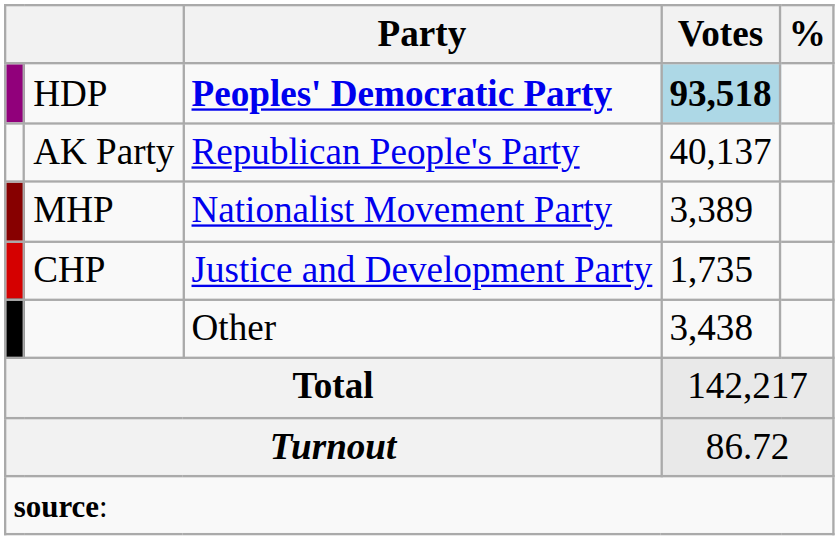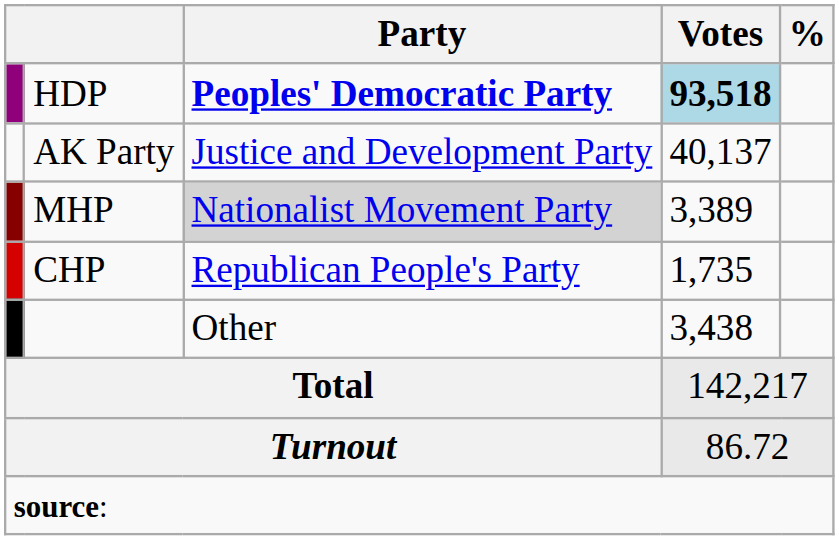 <table class="wikitable">
 <tr>
 <th colspan="2" align="center"></th>
 <th align="center">Party</th>
 <th align="center">Votes</th>
 <th align="center">%</th>
 </tr>
 <tr align="left">
 <td bgcolor="#91007B" width="1"></td>
 <td>HDP</td>
 <td><strong><a href='#'>Peoples' Democratic Party</a></strong></td>
 <td style="background: lightblue;"><strong>93,518</strong></td>
 <td><strong></strong></td>
 </tr>
 <tr align="left">
 <td></td>
 <td>AK Party</td>
-<td><a href='#'>Republican People's Party</a></td>
+<td><a href='#'>Justice and Development Party</a></td>
 <td>40,137</td>
 <td></td>
 </tr>
 <tr align="left">
 <td bgcolor="#870000" width="1"></td>
 <td>MHP</td>
-<td><a href='#'>Nationalist Movement Party</a></td>
+<td style="background: lightgrey;"><a href='#'>Nationalist Movement Party</a></td>
 <td>3,389</td>
 <td></td>
 </tr>
 <tr align="left">
 <td bgcolor="#d50000" width="1"></td>
 <td>CHP</td>
-<td><a href='#'>Justice and Development Party</a></td>
+<td><a href='#'>Republican People's Party</a></td>
 <td>1,735</td>
 <td></td>
 </tr>
 <tr align="left">
 <td bgcolor=" " width="1"></td>
 <td></td>
 <td>Other</td>
 <td>3,438</td>
 <td></td>
 </tr>
 <tr align="left" style="background-color:#E9E9E9">
 <th colspan="3" align="center"><strong>Total</strong></th>
 <td colspan="5" align="center">142,217</td>
 </tr>
 <tr align="left" style="background-color:#E9E9E9">
 <th colspan="3" align="center"><em>Turnout</em></th>
 <td colspan="5" align="center">86.72</td>
 </tr>
 <tr>
 <td colspan="9" align="left"><small><strong>source</strong>: </small></td>
 </tr>
 </table>
